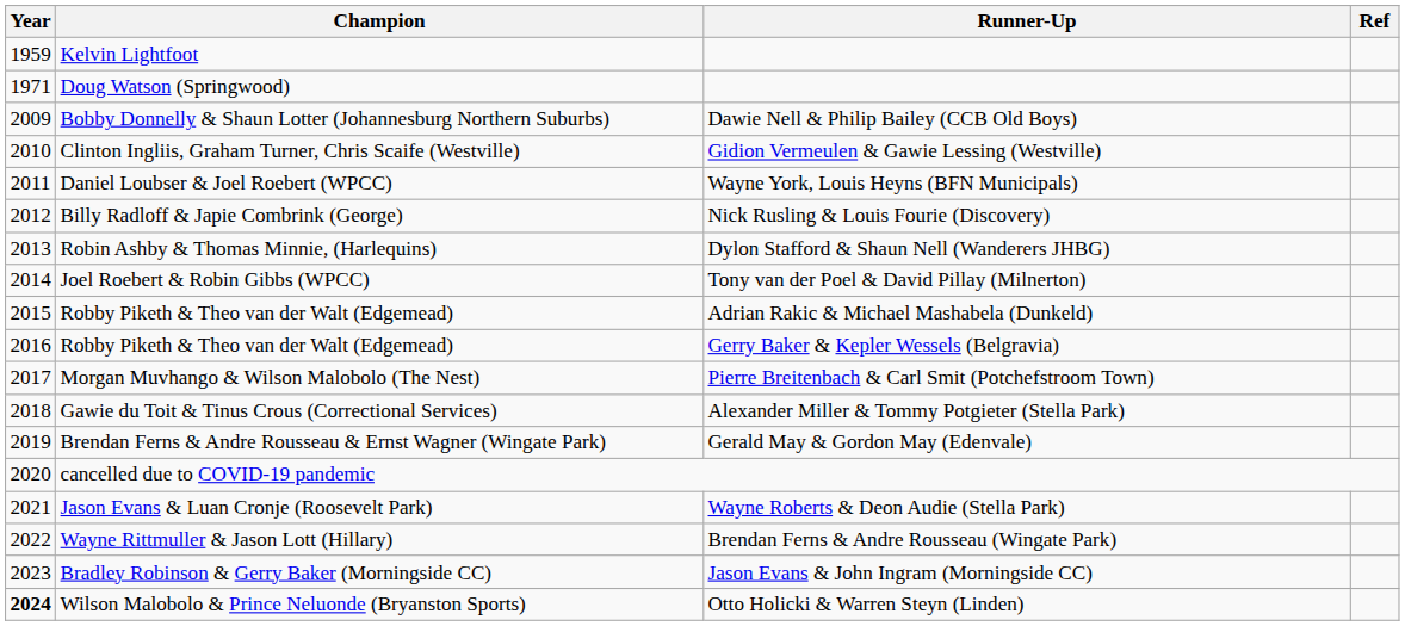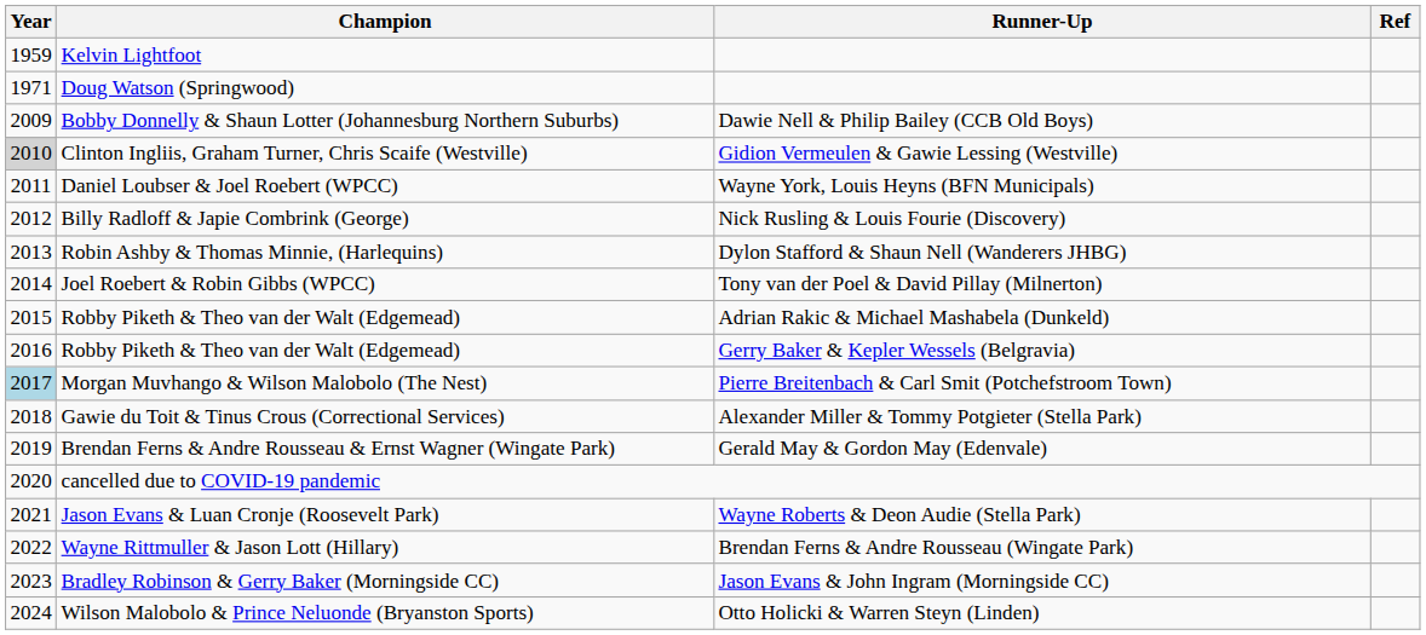 <table class="sortable wikitable">
 <tr>
 <th width="30">Year</th>
 <th width="500">Champion</th>
 <th width="500">Runner-Up</th>
 <th width="30">Ref</th>
 </tr>
 <tr>
 <td align=center>1959</td>
 <td><a href='#'>Kelvin Lightfoot</a></td>
 <td></td>
 <td></td>
 </tr>
 <tr>
 <td align=center>1971</td>
 <td><a href='#'>Doug Watson</a> (Springwood)</td>
 <td></td>
 <td></td>
 </tr>
 <tr>
 <td align=center>2009</td>
 <td><a href='#'>Bobby Donnelly</a> & Shaun Lotter (Johannesburg Northern Suburbs)</td>
 <td>Dawie Nell & Philip Bailey (CCB Old Boys)</td>
 <td></td>
 </tr>
 <tr>
-<td align=center>2010</td>
+<td align=center style="background: lightgrey;">2010</td>
 <td>Clinton Ingliis, Graham Turner, Chris Scaife (Westville)</td>
 <td><a href='#'>Gidion Vermeulen</a> & Gawie Lessing (Westville)</td>
 <td></td>
 </tr>
 <tr>
 <td align=center>2011</td>
 <td>Daniel Loubser & Joel Roebert (WPCC)</td>
 <td>Wayne York, Louis Heyns (BFN Municipals)</td>
 <td></td>
 </tr>
 <tr>
 <td align=center>2012</td>
 <td>Billy Radloff & Japie Combrink (George)</td>
 <td>Nick Rusling & Louis Fourie (Discovery)</td>
 <td></td>
 </tr>
 <tr>
 <td align=center>2013</td>
 <td>Robin Ashby & Thomas Minnie, (Harlequins)</td>
 <td>Dylon Stafford & Shaun Nell (Wanderers JHBG)</td>
 <td></td>
 </tr>
 <tr>
 <td align=center>2014</td>
 <td>Joel Roebert & Robin Gibbs (WPCC)</td>
 <td>Tony van der Poel & David Pillay (Milnerton)</td>
 <td></td>
 </tr>
 <tr>
 <td align=center>2015</td>
 <td>Robby Piketh & Theo van der Walt (Edgemead)</td>
 <td>Adrian Rakic & Michael Mashabela (Dunkeld)</td>
 <td></td>
 </tr>
 <tr>
 <td align=center>2016</td>
 <td>Robby Piketh & Theo van der Walt (Edgemead)</td>
 <td><a href='#'>Gerry Baker</a> & <a href='#'>Kepler Wessels</a> (Belgravia)</td>
 <td></td>
 </tr>
 <tr>
-<td align=center>2017</td>
+<td align=center style="background: lightblue;">2017</td>
 <td>Morgan Muvhango & Wilson Malobolo (The Nest)</td>
 <td><a href='#'>Pierre Breitenbach</a> & Carl Smit (Potchefstroom Town)</td>
 <td></td>
 </tr>
 <tr>
 <td align=center>2018</td>
 <td>Gawie du Toit & Tinus Crous (Correctional Services)</td>
 <td>Alexander Miller & Tommy Potgieter (Stella Park)</td>
 <td></td>
 </tr>
 <tr>
 <td align=center>2019</td>
 <td>Brendan Ferns & Andre Rousseau  & Ernst Wagner (Wingate Park)</td>
 <td>Gerald May & Gordon May (Edenvale)</td>
 <td></td>
 </tr>
 <tr>
 <td align=center>2020</td>
 <td colspan=3>cancelled due to  <a href='#'>COVID-19 pandemic</a></td>
 </tr>
 <tr>
 <td align=center>2021</td>
 <td><a href='#'>Jason Evans</a> & Luan Cronje (Roosevelt Park)</td>
 <td><a href='#'>Wayne Roberts</a> & Deon Audie (Stella Park)</td>
 <td></td>
 </tr>
 <tr>
 <td align=center>2022</td>
 <td><a href='#'>Wayne Rittmuller</a> & Jason Lott (Hillary)</td>
 <td>Brendan Ferns & Andre Rousseau (Wingate Park)</td>
 <td></td>
 </tr>
 <tr>
 <td align=center>2023</td>
 <td><a href='#'>Bradley Robinson</a> & <a href='#'>Gerry Baker</a> (Morningside CC)</td>
 <td><a href='#'>Jason Evans</a> & John Ingram (Morningside CC)</td>
 <td></td>
 </tr>
 <tr>
-<td align=center><strong>2024</strong></td>
+<td align=center>2024</td>
 <td>Wilson Malobolo & <a href='#'>Prince Neluonde</a> (Bryanston Sports)</td>
 <td>Otto Holicki & Warren Steyn (Linden)</td>
 <td></td>
 </tr>
 </table>
